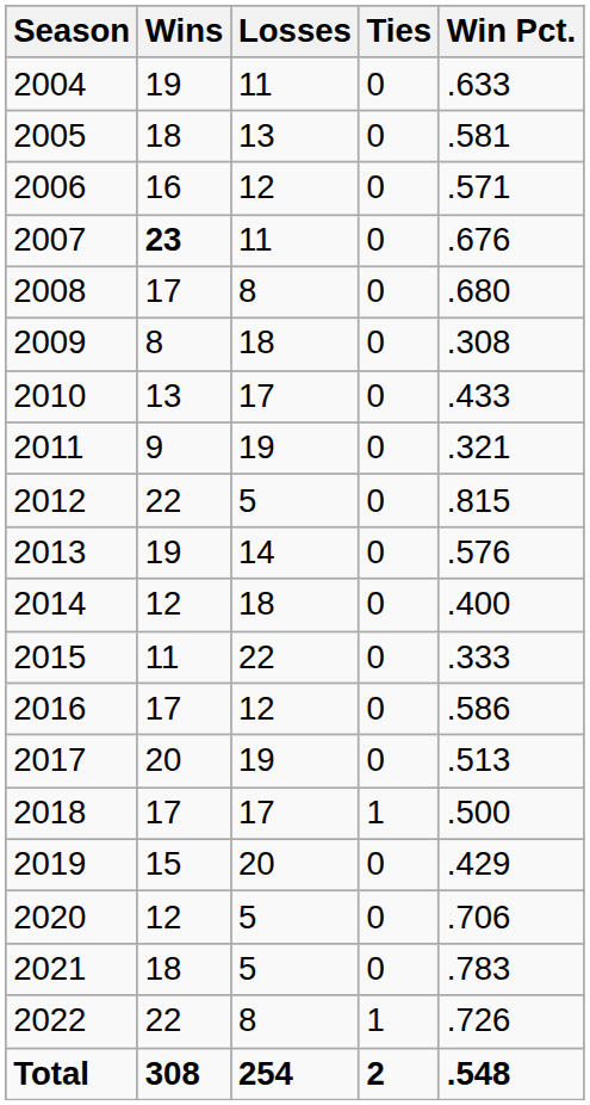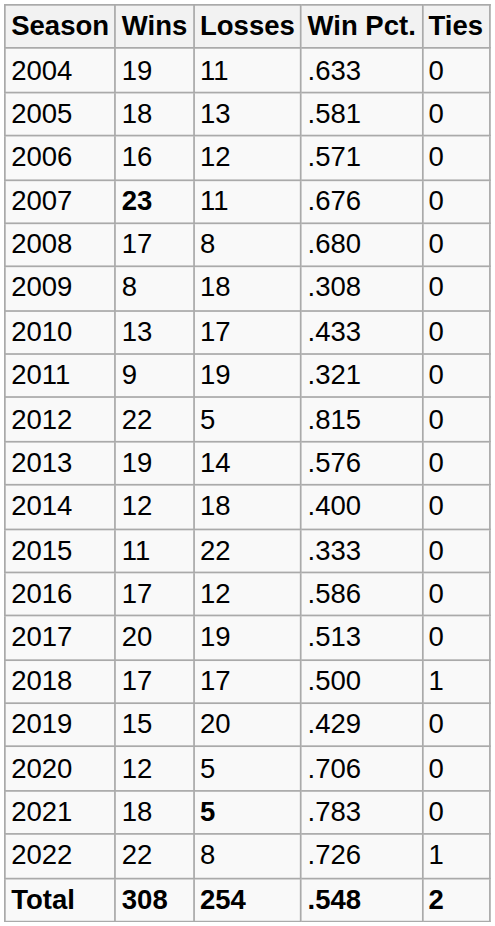 <table class="wikitable">
 <tr>
 <th>Season</th>
 <th>Wins</th>
 <th>Losses</th>
+<th>Win Pct.</th>
 <th>Ties</th>
-<th>Win Pct.</th>
 </tr>
 <tr>
 <td>2004</td>
 <td>19</td>
 <td>11</td>
+<td>.633</td>
 <td>0</td>
-<td>.633</td>
 </tr>
 <tr>
 <td>2005</td>
 <td>18</td>
 <td>13</td>
+<td>.581</td>
 <td>0</td>
-<td>.581</td>
 </tr>
 <tr>
 <td>2006</td>
 <td>16</td>
 <td>12</td>
+<td>.571</td>
 <td>0</td>
-<td>.571</td>
 </tr>
 <tr>
 <td>2007</td>
 <td><strong>23</strong></td>
 <td>11</td>
+<td>.676</td>
 <td>0</td>
-<td>.676</td>
 </tr>
 <tr>
 <td>2008</td>
 <td>17</td>
 <td>8</td>
+<td>.680</td>
 <td>0</td>
-<td>.680</td>
 </tr>
 <tr>
 <td>2009</td>
 <td>8</td>
 <td>18</td>
+<td>.308</td>
 <td>0</td>
-<td>.308</td>
 </tr>
 <tr>
 <td>2010</td>
 <td>13</td>
 <td>17</td>
+<td>.433</td>
 <td>0</td>
-<td>.433</td>
 </tr>
 <tr>
 <td>2011</td>
 <td>9</td>
 <td>19</td>
+<td>.321</td>
 <td>0</td>
-<td>.321</td>
 </tr>
 <tr>
 <td>2012</td>
 <td>22</td>
 <td>5</td>
+<td>.815</td>
 <td>0</td>
-<td>.815</td>
 </tr>
 <tr>
 <td>2013</td>
 <td>19</td>
 <td>14</td>
+<td>.576</td>
 <td>0</td>
-<td>.576</td>
 </tr>
 <tr>
 <td>2014</td>
 <td>12</td>
 <td>18</td>
+<td>.400</td>
 <td>0</td>
-<td>.400</td>
 </tr>
 <tr>
 <td>2015</td>
 <td>11</td>
 <td>22</td>
+<td>.333</td>
 <td>0</td>
-<td>.333</td>
 </tr>
 <tr>
 <td>2016</td>
 <td>17</td>
 <td>12</td>
+<td>.586</td>
 <td>0</td>
-<td>.586</td>
 </tr>
 <tr>
 <td>2017</td>
 <td>20</td>
 <td>19</td>
+<td>.513</td>
 <td>0</td>
-<td>.513</td>
 </tr>
 <tr>
 <td>2018</td>
 <td>17</td>
 <td>17</td>
+<td>.500</td>
 <td>1</td>
-<td>.500</td>
 </tr>
 <tr>
 <td>2019</td>
 <td>15</td>
 <td>20</td>
+<td>.429</td>
 <td>0</td>
-<td>.429</td>
 </tr>
 <tr>
 <td>2020</td>
 <td>12</td>
 <td>5</td>
+<td>.706</td>
 <td>0</td>
-<td>.706</td>
 </tr>
 <tr>
 <td>2021</td>
 <td>18</td>
-<td>5</td>
+<td><strong>5</strong></td>
+<td>.783</td>
 <td>0</td>
-<td>.783</td>
 </tr>
 <tr>
 <td>2022</td>
 <td>22</td>
 <td>8</td>
+<td>.726</td>
 <td>1</td>
-<td>.726</td>
 </tr>
 <tr>
 <td><strong>Total</strong></td>
 <td><strong>308</strong></td>
 <td><strong>254</strong></td>
+<td><strong>.548</strong></td>
 <td><strong>2</strong></td>
-<td><strong>.548</strong></td>
 </tr>
 </table>
